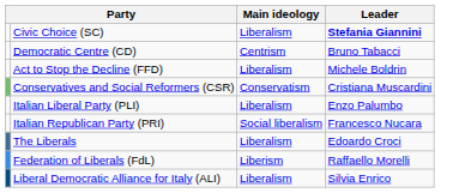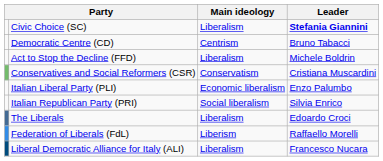 <table class="wikitable" style="font-size:95%">
 <tr>
 <th colspan=2>Party</th>
 <th>Main ideology</th>
 <th>Leader</th>
 </tr>
 <tr>
 <td></td>
 <td><a href='#'>Civic Choice</a> (SC)</td>
 <td><a href='#'>Liberalism</a></td>
 <td><strong><a href='#'>Stefania Giannini</a></strong></td>
 </tr>
 <tr>
 <td></td>
 <td><a href='#'>Democratic Centre</a> (CD)</td>
 <td><a href='#'>Centrism</a></td>
 <td><a href='#'>Bruno Tabacci</a></td>
 </tr>
 <tr>
 <td></td>
 <td><a href='#'>Act to Stop the Decline</a> (FFD)</td>
 <td><a href='#'>Liberalism</a></td>
 <td><a href='#'>Michele Boldrin</a></td>
 </tr>
 <tr>
 <td bgcolor="#73BC6B"></td>
 <td><a href='#'>Conservatives and Social Reformers</a> (CSR)</td>
 <td><a href='#'>Conservatism</a></td>
 <td><a href='#'>Cristiana Muscardini</a></td>
 </tr>
 <tr>
 <td></td>
 <td><a href='#'>Italian Liberal Party</a> (PLI)</td>
-<td><a href='#'>Liberalism</a></td>
+<td><a href='#'>Economic liberalism</a></td>
 <td><a href='#'>Enzo Palumbo</a></td>
 </tr>
 <tr>
 <td></td>
 <td><a href='#'>Italian Republican Party</a> (PRI)</td>
 <td><a href='#'>Social liberalism</a></td>
-<td><a href='#'>Francesco Nucara</a></td>
+<td><a href='#'>Silvia Enrico</a></td>
 </tr>
 <tr>
 <td bgcolor="#436B95"></td>
 <td><a href='#'>The Liberals</a></td>
 <td><a href='#'>Liberalism</a></td>
 <td><a href='#'>Edoardo Croci</a></td>
 </tr>
 <tr>
 <td bgcolor="#318CE7"></td>
 <td><a href='#'>Federation of Liberals</a> (FdL)</td>
 <td><a href='#'>Liberism</a></td>
 <td><a href='#'>Raffaello Morelli</a></td>
 </tr>
 <tr>
 <td bgcolor="#004C7E"></td>
 <td><a href='#'>Liberal Democratic Alliance for Italy</a> (ALI)</td>
 <td><a href='#'>Liberalism</a></td>
-<td><a href='#'>Silvia Enrico</a></td>
+<td><a href='#'>Francesco Nucara</a></td>
 </tr>
 </table>
